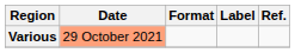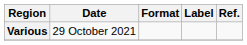 <table class="wikitable plainrowheaders">
 <tr>
 <th scope="col">Region</th>
 <th scope="col">Date</th>
 <th scope="col">Format</th>
 <th scope="col">Label</th>
 <th scope="col">Ref.</th>
 </tr>
 <tr>
 <th scope="row">Various</th>
-<td style="background: lightsalmon;">29 October 2021</td>
+<td>29 October 2021</td>
 <td></td>
 <td></td>
 <td></td>
 </tr>
 <tr>
 </tr>
 </table>
